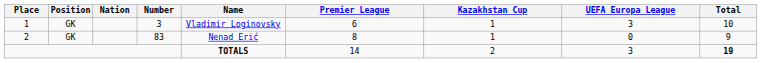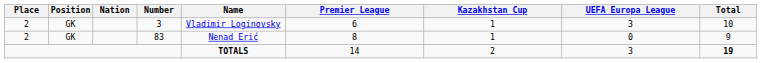 <table class="wikitable" style="font-size: 95%; text-align: center;">
 <tr>
 <th width=60>Place</th>
 <th width=60>Position</th>
 <th width=60>Nation</th>
 <th width=60>Number</th>
 <th width=150>Name</th>
 <th width=200><a href='#'>Premier League</a></th>
 <th width=200><a href='#'>Kazakhstan Cup</a></th>
 <th width=200><a href='#'>UEFA Europa League</a></th>
 <th width=80><strong>Total</strong></th>
 </tr>
 <tr>
-<td>1</td>
+<td>2</td>
 <td>GK</td>
 <td></td>
 <td>3</td>
 <td><a href='#'>Vladimir Loginovsky</a></td>
 <td>6</td>
 <td>1</td>
 <td>3</td>
 <td>10</td>
 </tr>
 <tr>
 <td>2</td>
 <td>GK</td>
 <td></td>
 <td>83</td>
 <td><a href='#'>Nenad Erić</a></td>
 <td>8</td>
 <td>1</td>
 <td>0</td>
 <td>9</td>
 </tr>
 <tr>
 <td colspan="4"></td>
 <td><strong>TOTALS</strong></td>
 <td>14</td>
 <td>2</td>
 <td>3</td>
 <td><strong>19</strong></td>
 </tr>
 </table>
